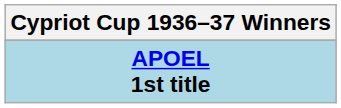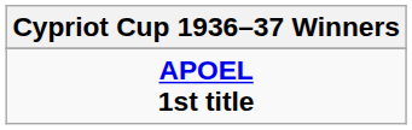 <table class="wikitable" style="text-align:center;margin: 0 auto;">
 <tr>
 <th>Cypriot Cup 1936–37 Winners</th>
 </tr>
 <tr>
 </tr>
 <tr>
-<td style="background: lightblue;"><strong><a href='#'>APOEL</a></strong><br><strong>1st title</strong></td>
+<td><strong><a href='#'>APOEL</a></strong><br><strong>1st title</strong></td>
 </tr>
 </table>
